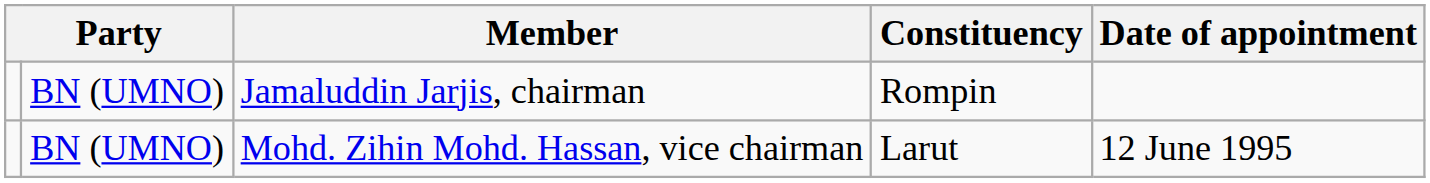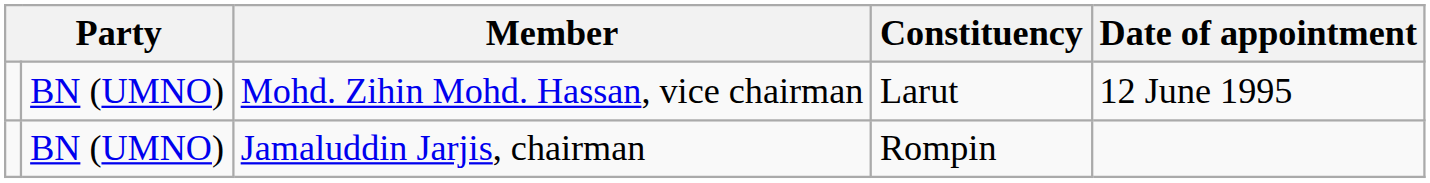 <table class=wikitable>
 <tr>
 <th colspan=2>Party</th>
 <th>Member</th>
 <th>Constituency</th>
 <th>Date of appointment</th>
 </tr>
 <tr>
 <td></td>
 <td><a href='#'>BN</a> (<a href='#'>UMNO</a>)</td>
+<td><a href='#'>Mohd. Zihin Mohd. Hassan</a>, vice chairman</td>
+<td>Larut</td>
+<td>12 June 1995</td>
+</tr>
+<tr>
+<td></td>
+<td><a href='#'>BN</a> (<a href='#'>UMNO</a>)</td>
 <td><a href='#'>Jamaluddin Jarjis</a>, chairman</td>
 <td>Rompin</td>
 <td></td>
 </tr>
-<tr>
-<td></td>
-<td><a href='#'>BN</a> (<a href='#'>UMNO</a>)</td>
-<td><a href='#'>Mohd. Zihin Mohd. Hassan</a>, vice chairman</td>
-<td>Larut</td>
-<td>12 June 1995</td>
-</tr>
 </table>
